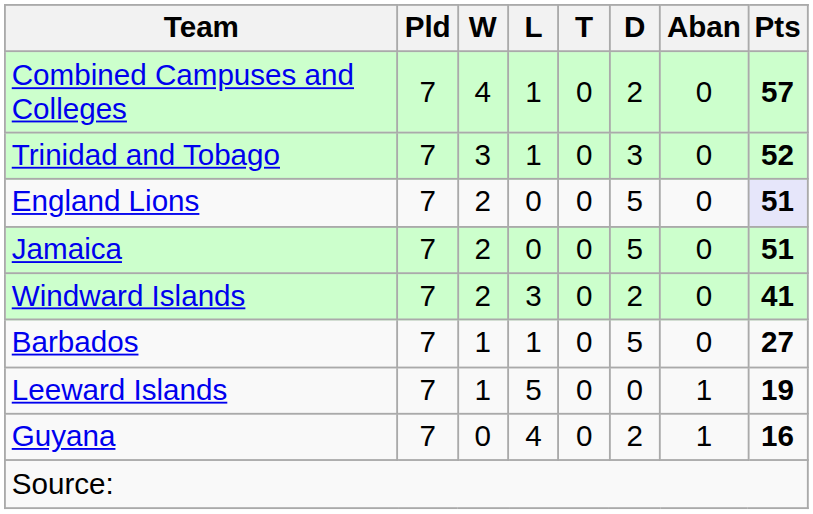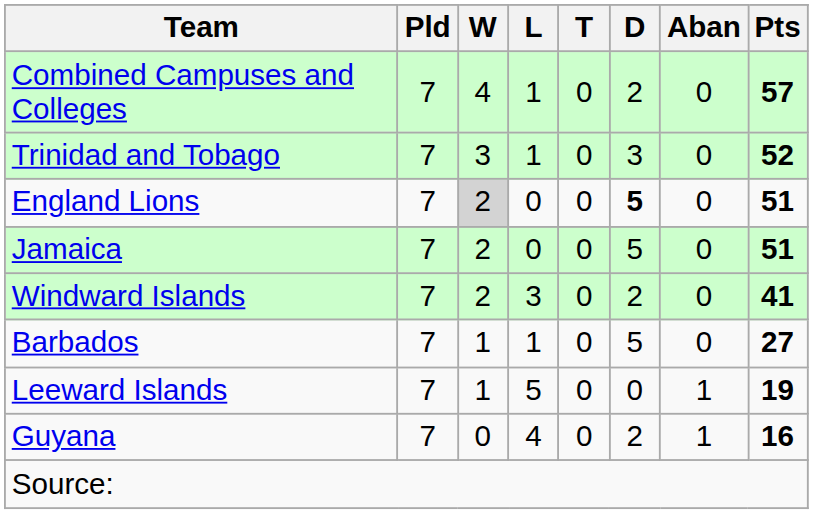 <table class="wikitable" style="text-align: center;">
 <tr>
 <th width=205>Team</th>
 <th width=20>Pld</th>
 <th width=20>W</th>
 <th width=20>L</th>
 <th width=20>T</th>
 <th width=20>D</th>
 <th width=20>Aban</th>
 <th width=20>Pts</th>
 </tr>
 <tr style="background:#ccffcc;">
 <td align=left><a href='#'>Combined Campuses and Colleges</a></td>
 <td>7</td>
 <td>4</td>
 <td>1</td>
 <td>0</td>
 <td>2</td>
 <td>0</td>
 <td><strong>57</strong></td>
 </tr>
 <tr style="background:#ccffcc;">
 <td align=left><a href='#'>Trinidad and Tobago</a></td>
 <td>7</td>
 <td>3</td>
 <td>1</td>
 <td>0</td>
 <td>3</td>
 <td>0</td>
 <td><strong>52</strong></td>
 </tr>
 <tr>
 <td align=left><a href='#'>England Lions</a></td>
 <td>7</td>
-<td>2</td>
+<td style="background: lightgrey;">2</td>
 <td>0</td>
 <td>0</td>
-<td>5</td>
+<td><strong>5</strong></td>
 <td>0</td>
-<td style="background: lavender;"><strong>51</strong></td>
+<td><strong>51</strong></td>
 </tr>
 <tr style="background:#ccffcc;">
 <td align=left><a href='#'>Jamaica</a></td>
 <td>7</td>
 <td>2</td>
 <td>0</td>
 <td>0</td>
 <td>5</td>
 <td>0</td>
 <td><strong>51</strong></td>
 </tr>
 <tr style="background:#ccffcc;">
 <td align=left><a href='#'>Windward Islands</a></td>
 <td>7</td>
 <td>2</td>
 <td>3</td>
 <td>0</td>
 <td>2</td>
 <td>0</td>
 <td><strong>41</strong></td>
 </tr>
 <tr>
 <td align=left><a href='#'>Barbados</a></td>
 <td>7</td>
 <td>1</td>
 <td>1</td>
 <td>0</td>
 <td>5</td>
 <td>0</td>
 <td><strong>27</strong></td>
 </tr>
 <tr>
 <td align=left><a href='#'>Leeward Islands</a></td>
 <td>7</td>
 <td>1</td>
 <td>5</td>
 <td>0</td>
 <td>0</td>
 <td>1</td>
 <td><strong>19</strong></td>
 </tr>
 <tr>
 <td align=left><a href='#'>Guyana</a></td>
 <td>7</td>
 <td>0</td>
 <td>4</td>
 <td>0</td>
 <td>2</td>
 <td>1</td>
 <td><strong>16</strong></td>
 </tr>
 <tr>
 <td align=left colspan="11">Source:</td>
 </tr>
 </table>
